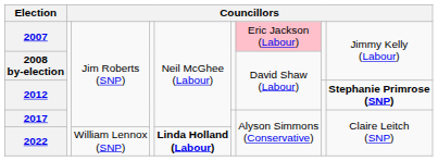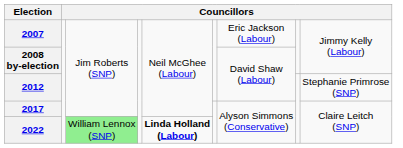 <table class="wikitable" style="text-align:center">
 <tr>
 <th>Election</th>
 <th colspan=8>Councillors</th>
 </tr>
 <tr>
 <th><a href='#'>2007</a></th>
 <td rowspan=5; style="background-color: "></td>
 <td rowspan=4>Jim Roberts<br>(<a href='#'>SNP</a>)</td>
 <td rowspan=5; style="background-color: "></td>
 <td rowspan=4>Neil McGhee<br>(<a href='#'>Labour</a>)</td>
 <td rowspan=3; style="background-color: "></td>
-<td rowspan=1 style="background: pink;">Eric Jackson<br>(<a href='#'>Labour</a>)</td>
+<td rowspan=1>Eric Jackson<br>(<a href='#'>Labour</a>)</td>
 <td rowspan=2; style="background-color: "></td>
 <td rowspan=2>Jimmy Kelly<br>(<a href='#'>Labour</a>)</td>
 </tr>
 <tr>
 <th>2008<br>by-election</th>
 <td rowspan=2>David Shaw<br>(<a href='#'>Labour</a>)</td>
 </tr>
 <tr>
 <th><a href='#'>2012</a></th>
 <td rowspan=3; style="background-color: "></td>
-<td rowspan=1><strong>Stephanie Primrose<br>(<a href='#'>SNP</a>)</strong></td>
+<td rowspan=1>Stephanie Primrose<br>(<a href='#'>SNP</a>)</td>
 </tr>
 <tr>
 <th><a href='#'>2017</a></th>
 <td rowspan=2; style="background-color: "></td>
 <td rowspan=2>Alyson Simmons<br>(<a href='#'>Conservative</a>)</td>
 <td rowspan=2>Claire Leitch<br>(<a href='#'>SNP</a>)</td>
 </tr>
 <tr>
 <th><a href='#'>2022</a></th>
-<td rowspan=1>William Lennox<br>(<a href='#'>SNP</a>)</td>
+<td rowspan=1 style="background: lightgreen;">William Lennox<br>(<a href='#'>SNP</a>)</td>
 <td rowspan=1><strong>Linda Holland<br>(<a href='#'>Labour</a>)</strong></td>
 </tr>
 </table>
